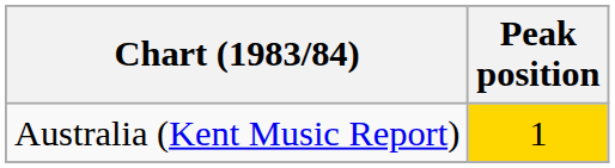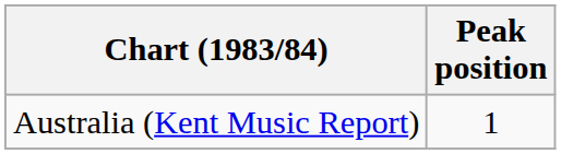 <table class="wikitable">
 <tr>
 <th>Chart (1983/84)</th>
 <th>Peak<br>position</th>
 </tr>
 <tr>
 <td>Australia (<a href='#'>Kent Music Report</a>)</td>
-<td style="background: gold; text-align:center;">1</td>
+<td style="text-align:center;">1</td>
 </tr>
 </table>
